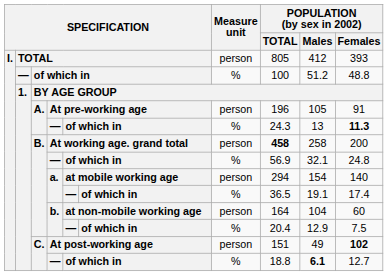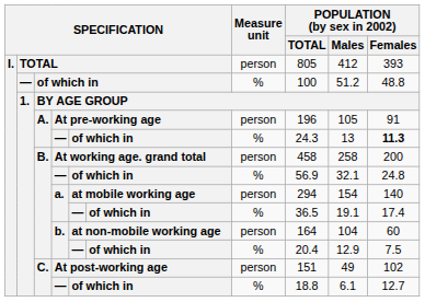 <table class="wikitable" style="font-size:85%; text-align:center">
 <tr>
 <th rowspan="2" colspan="6">SPECIFICATION</th>
 <th rowspan="2">Measure<br> unit</th>
 <th colspan="3" rowspan="1">POPULATION<br> (by sex in 2002)</th>
 </tr>
 <tr>
 <th>TOTAL</th>
 <th>Males</th>
 <th>Females</th>
 </tr>
 <tr>
 <th style="text-align:left" valign="top" rowspan="13">I.</th>
 <th style="text-align:left" colspan="5">TOTAL</th>
 <td>person</td>
 <td>805</td>
 <td>412</td>
 <td>393</td>
 </tr>
 <tr>
 <th style="text-align:left" valign="top">—</th>
 <th style="text-align:left" colspan="4">of which in</th>
 <td>%</td>
 <td>100</td>
 <td>51.2</td>
 <td>48.8</td>
 </tr>
 <tr>
 <th style="text-align:left" valign="top" rowspan="11">1.</th>
 <th style="text-align:left" colspan="19">BY AGE GROUP</th>
 </tr>
 <tr>
 <th style="text-align:left" valign="top" rowspan="2">A.</th>
 <th style="text-align:left" colspan="3">At pre-working age</th>
 <td>person</td>
 <td>196</td>
 <td>105</td>
 <td>91</td>
 </tr>
 <tr>
 <th style="text-align:left" valign="top">—</th>
 <th style="text-align:left" valign="top" colspan="2">of which in</th>
 <td>%</td>
 <td>24.3</td>
 <td>13</td>
 <td><strong>11.3</strong></td>
 </tr>
 <tr>
 <th style="text-align:left" valign="top" rowspan="6">B.</th>
 <th style="text-align:left" colspan="3">At working age. grand total</th>
 <td>person</td>
-<td><strong>458</strong></td>
+<td>458</td>
 <td>258</td>
 <td>200</td>
 </tr>
 <tr>
 <th style="text-align:left" valign="top">—</th>
 <th style="text-align:left" valign="top" colspan="2">of which in</th>
 <td>%</td>
 <td>56.9</td>
 <td>32.1</td>
 <td>24.8</td>
 </tr>
 <tr>
 <th style="text-align:left" valign="top" rowspan="2">a.</th>
 <th style="text-align:left" colspan="2">at mobile working age</th>
 <td>person</td>
 <td>294</td>
 <td>154</td>
 <td>140</td>
 </tr>
 <tr>
 <th style="text-align:left" valign="top">—</th>
 <th style="text-align:left" valign="top" colspan="1">of which in                        </th>
 <td>%</td>
 <td>36.5</td>
 <td>19.1</td>
 <td>17.4</td>
 </tr>
 <tr>
 <th style="text-align:left" valign="top" rowspan="2">b.</th>
 <th style="text-align:left" colspan="2">at non-mobile working age</th>
 <td>person</td>
 <td>164</td>
 <td>104</td>
 <td>60</td>
 </tr>
 <tr>
 <th style="text-align:left" valign="top">—</th>
 <th style="text-align:left" valign="top" colspan="1">of which in                        </th>
 <td>%</td>
 <td>20.4</td>
 <td>12.9</td>
 <td>7.5</td>
 </tr>
 <tr>
 <th style="text-align:left" valign="top" rowspan="2">C.</th>
 <th style="text-align:left" colspan="3">At post-working age</th>
 <td>person</td>
 <td>151</td>
 <td>49</td>
-<td><strong>102</strong></td>
+<td>102</td>
 </tr>
 <tr>
 <th style="text-align:left" valign="top">—</th>
 <th style="text-align:left" valign="top" colspan="2">of which in</th>
 <td>%</td>
 <td>18.8</td>
-<td><strong>6.1</strong></td>
+<td>6.1</td>
 <td>12.7</td>
 </tr>
 </table>
